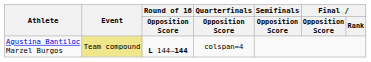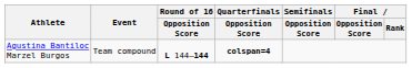 <table class="wikitable" style="font-size:90%">
 <tr>
 <th rowspan=2>Athlete</th>
 <th rowspan=2>Event</th>
 <th>Round of 16</th>
 <th>Quarterfinals</th>
 <th>Semifinals</th>
 <th colspan=2>Final / </th>
 </tr>
 <tr style="font-size:95%">
 <th>Opposition<br>Score</th>
 <th>Opposition<br>Score</th>
 <th>Opposition<br>Score</th>
 <th>Opposition<br>Score</th>
 <th>Rank</th>
 </tr>
 <tr align=center>
 <td align=left><a href='#'>Agustina Bantiloc</a><br>Marzel Burgos</td>
-<td align=left style="background: khaki;">Team compound</td>
+<td align=left>Team compound</td>
 <td><br><strong>L</strong> 144–<strong>144</strong></td>
-<td>colspan=4 </td>
+<td><strong>colspan=4 </strong></td>
 </tr>
 </table>
